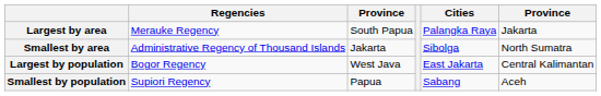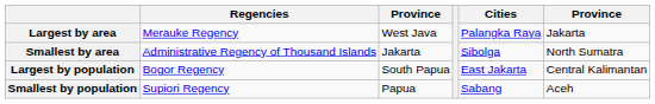 <table class="wikitable">
 <tr>
 <th></th>
 <th>Regencies</th>
 <th>Province</th>
 <th rowspan=5></th>
 <th>Cities</th>
 <th>Province</th>
 </tr>
 <tr>
 <th>Largest by area</th>
 <td><a href='#'>Merauke Regency</a></td>
-<td>South Papua</td>
+<td>West Java</td>
 <td><a href='#'>Palangka Raya</a></td>
 <td>Jakarta</td>
 </tr>
 <tr>
 <th>Smallest by area</th>
 <td><a href='#'>Administrative Regency of Thousand Islands</a></td>
 <td>Jakarta</td>
 <td><a href='#'>Sibolga</a></td>
 <td>North Sumatra</td>
 </tr>
 <tr>
 <th>Largest by population</th>
 <td><a href='#'>Bogor Regency</a></td>
-<td>West Java</td>
+<td>South Papua</td>
 <td><a href='#'>East Jakarta</a></td>
 <td>Central Kalimantan</td>
 </tr>
 <tr>
 <th>Smallest by population</th>
 <td><a href='#'>Supiori Regency</a></td>
 <td>Papua</td>
 <td><a href='#'>Sabang</a></td>
 <td>Aceh</td>
 </tr>
 </table>
